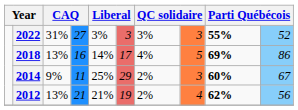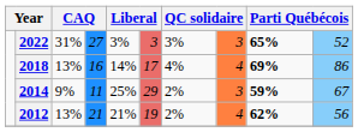 <table class="wikitable" style="float:right; width:400; font-size:90%; margin-left:1em;">
 <tr>
 <th colspan="2" scope="col">Year</th>
 <th colspan="2" scope="col"><a href='#'>CAQ</a></th>
 <th colspan="2" scope="col"><a href='#'>Liberal</a></th>
 <th colspan="2" scope="col"><a href='#'>QC solidaire</a></th>
 <th colspan="2" scope="col"><a href='#'>Parti Québécois</a></th>
 </tr>
 <tr>
 <td rowspan="4" style="width: 0.25em; background-color: "></td>
 <th><a href='#'>2022</a></th>
 <td>31%</td>
 <td style="text-align:right; background:#1E90FF;"><em>27</em></td>
 <td>3%</td>
 <td style="text-align:right; background:#EA6D6A;"><em>3</em></td>
 <td>3%</td>
 <td style="text-align:right; background:#FF8040;"><em>3</em></td>
-<td><strong>55%</strong></td>
+<td><strong>65%</strong></td>
 <td style="text-align:right; background:#87CEFA;"><em>52</em></td>
 </tr>
 <tr>
 <th><a href='#'>2018</a></th>
 <td>13%</td>
 <td style="text-align:right; background:#1E90FF;"><em>16</em></td>
 <td>14%</td>
 <td style="text-align:right; background:#EA6D6A;"><em>17</em></td>
 <td>4%</td>
-<td style="text-align:right; background:#FF8040;"><em>5</em></td>
+<td style="text-align:right; background:#FF8040;"><em>4</em></td>
 <td><strong>69%</strong></td>
 <td style="text-align:right; background:#87CEFA;"><em>86</em></td>
 </tr>
 <tr>
 <th><a href='#'>2014</a></th>
 <td>9%</td>
 <td style="text-align:right; background:#1E90FF;"><em>11</em></td>
 <td>25%</td>
 <td style="text-align:right; background:#EA6D6A;"><em>29</em></td>
 <td>2%</td>
 <td style="text-align:right; background:#FF8040;"><em>3</em></td>
-<td><strong>60%</strong></td>
+<td><strong>59%</strong></td>
 <td style="text-align:right; background:#87CEFA;"><em>67</em></td>
 </tr>
 <tr>
 <th><a href='#'>2012</a></th>
 <td>13%</td>
 <td style="text-align:right; background:#1E90FF;"><em>21</em></td>
 <td>21%</td>
 <td style="text-align:right; background:#EA6D6A;"><em>19</em></td>
 <td>2%</td>
 <td style="text-align:right; background:#FF8040;"><em>4</em></td>
 <td><strong>62%</strong></td>
 <td style="text-align:right; background:#87CEFA;"><em>56</em></td>
 </tr>
 <tr>
 </tr>
 </table>
